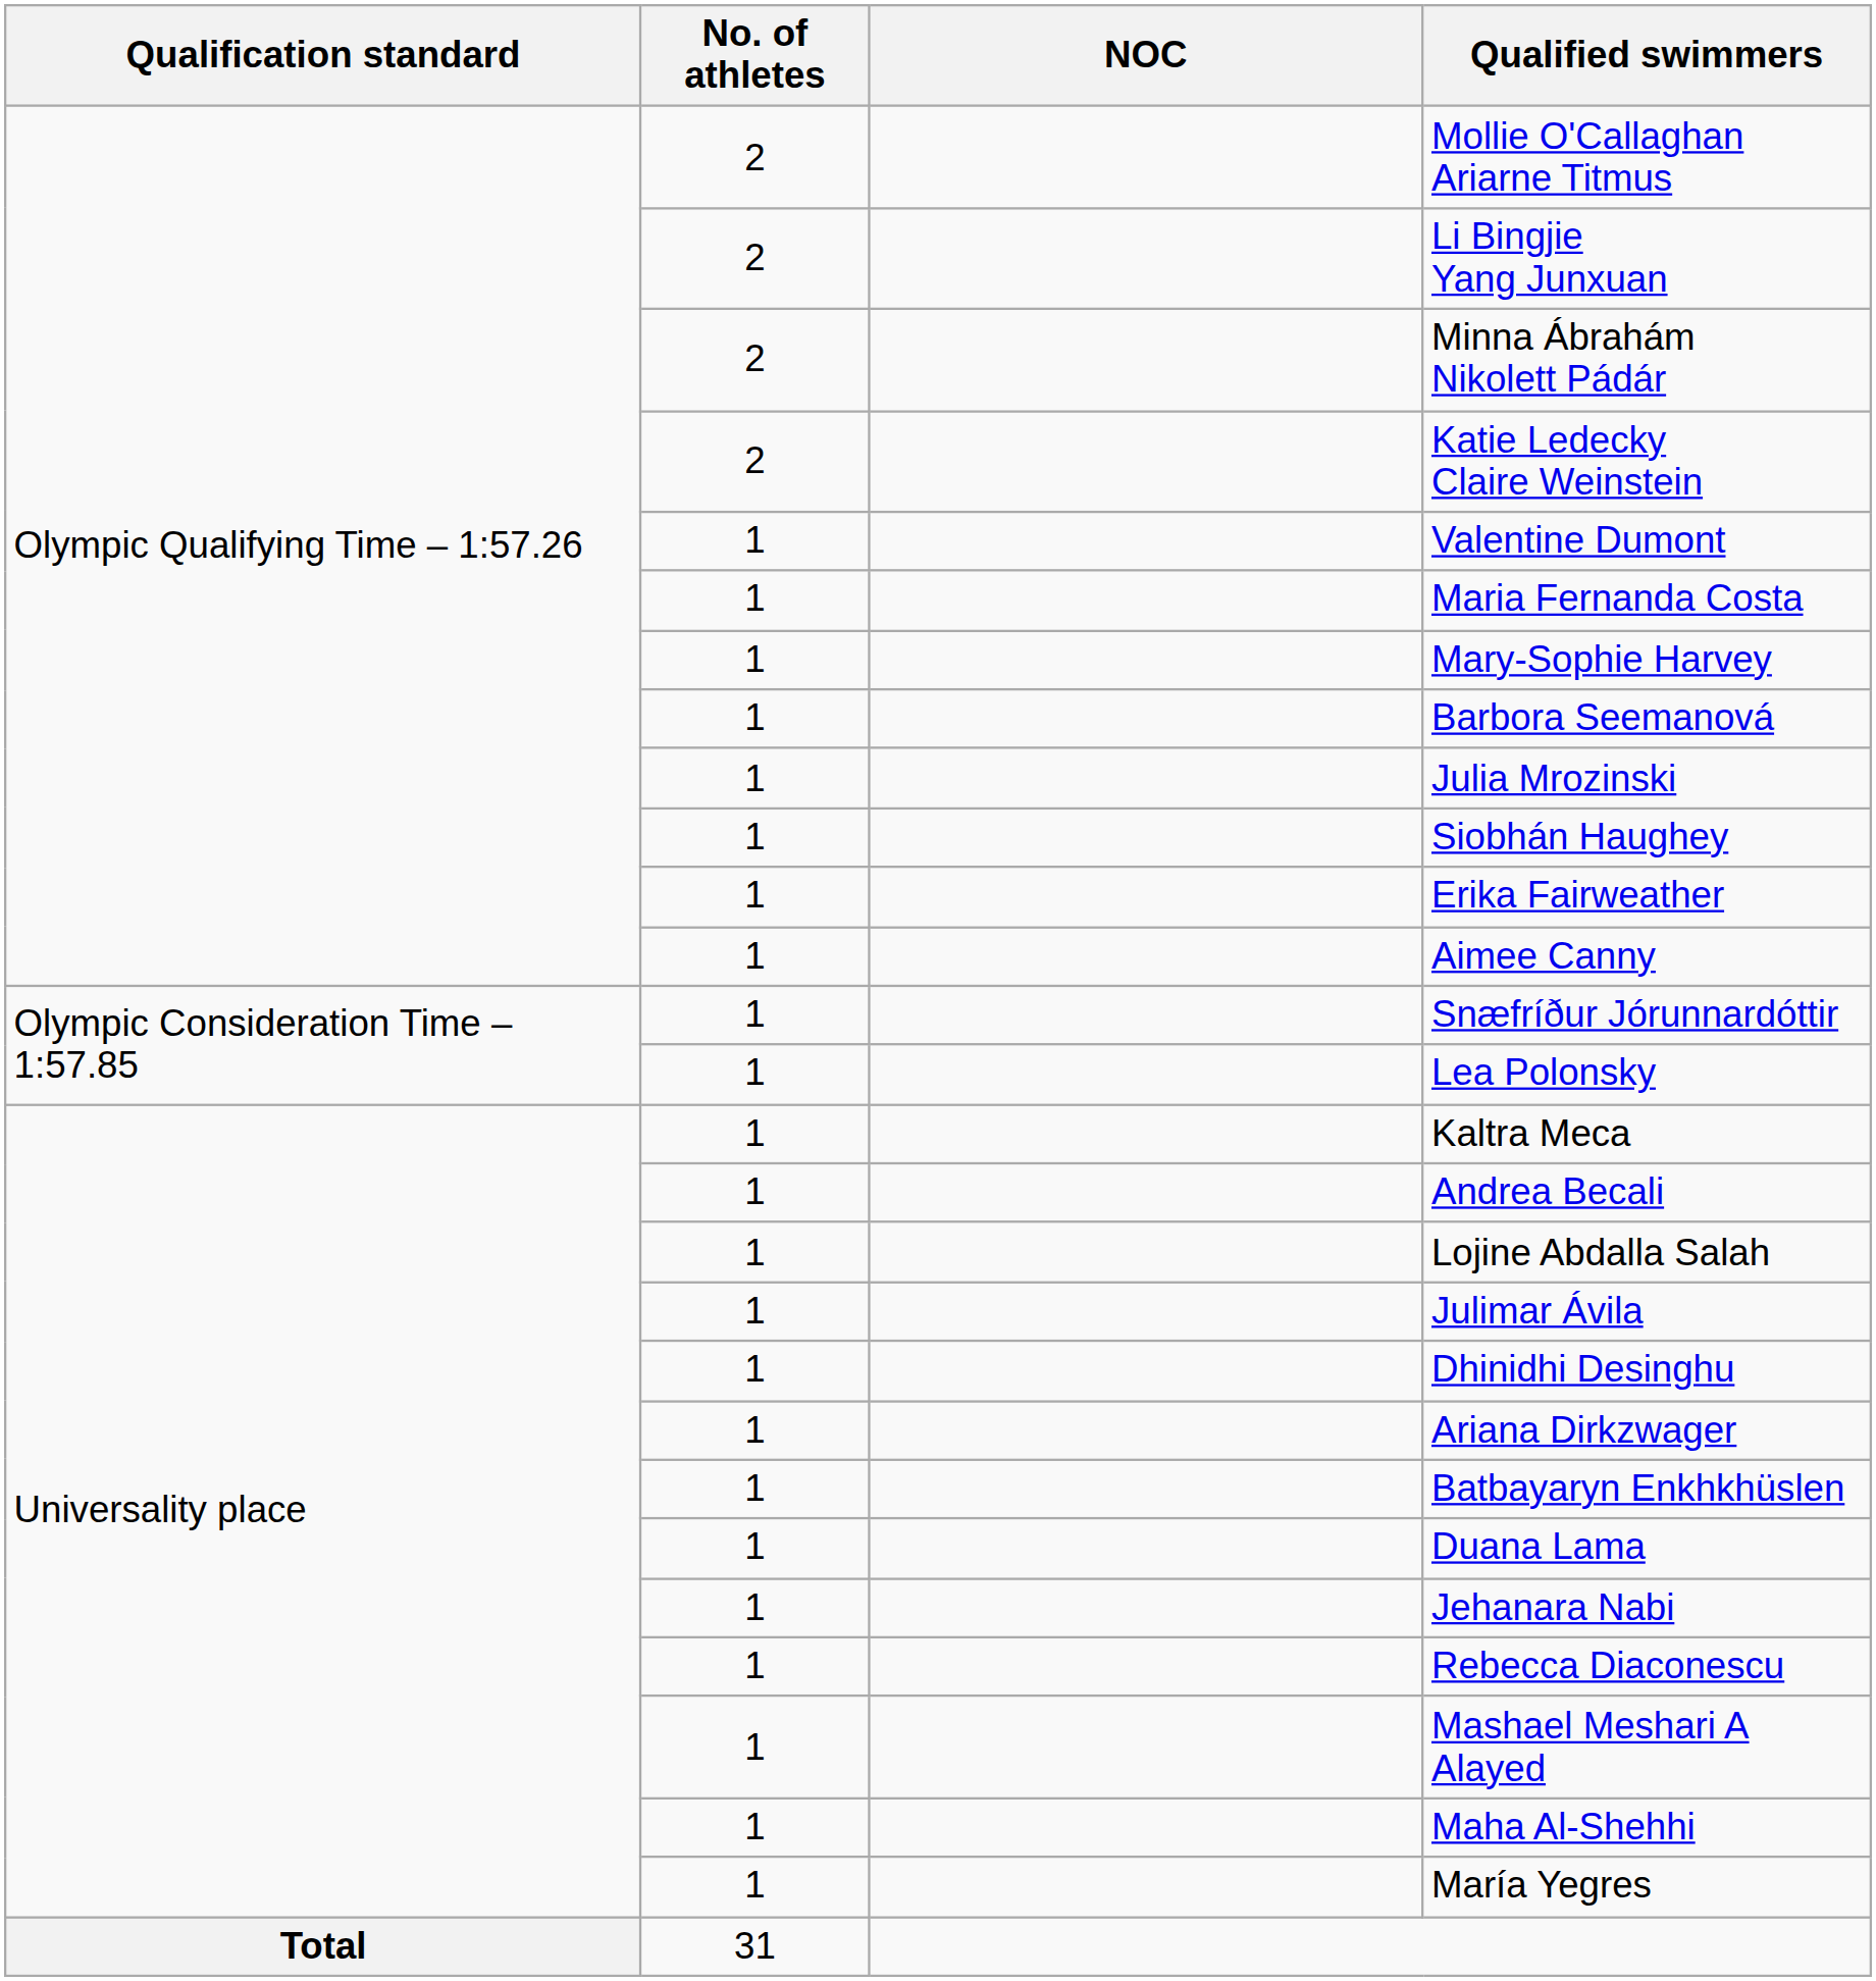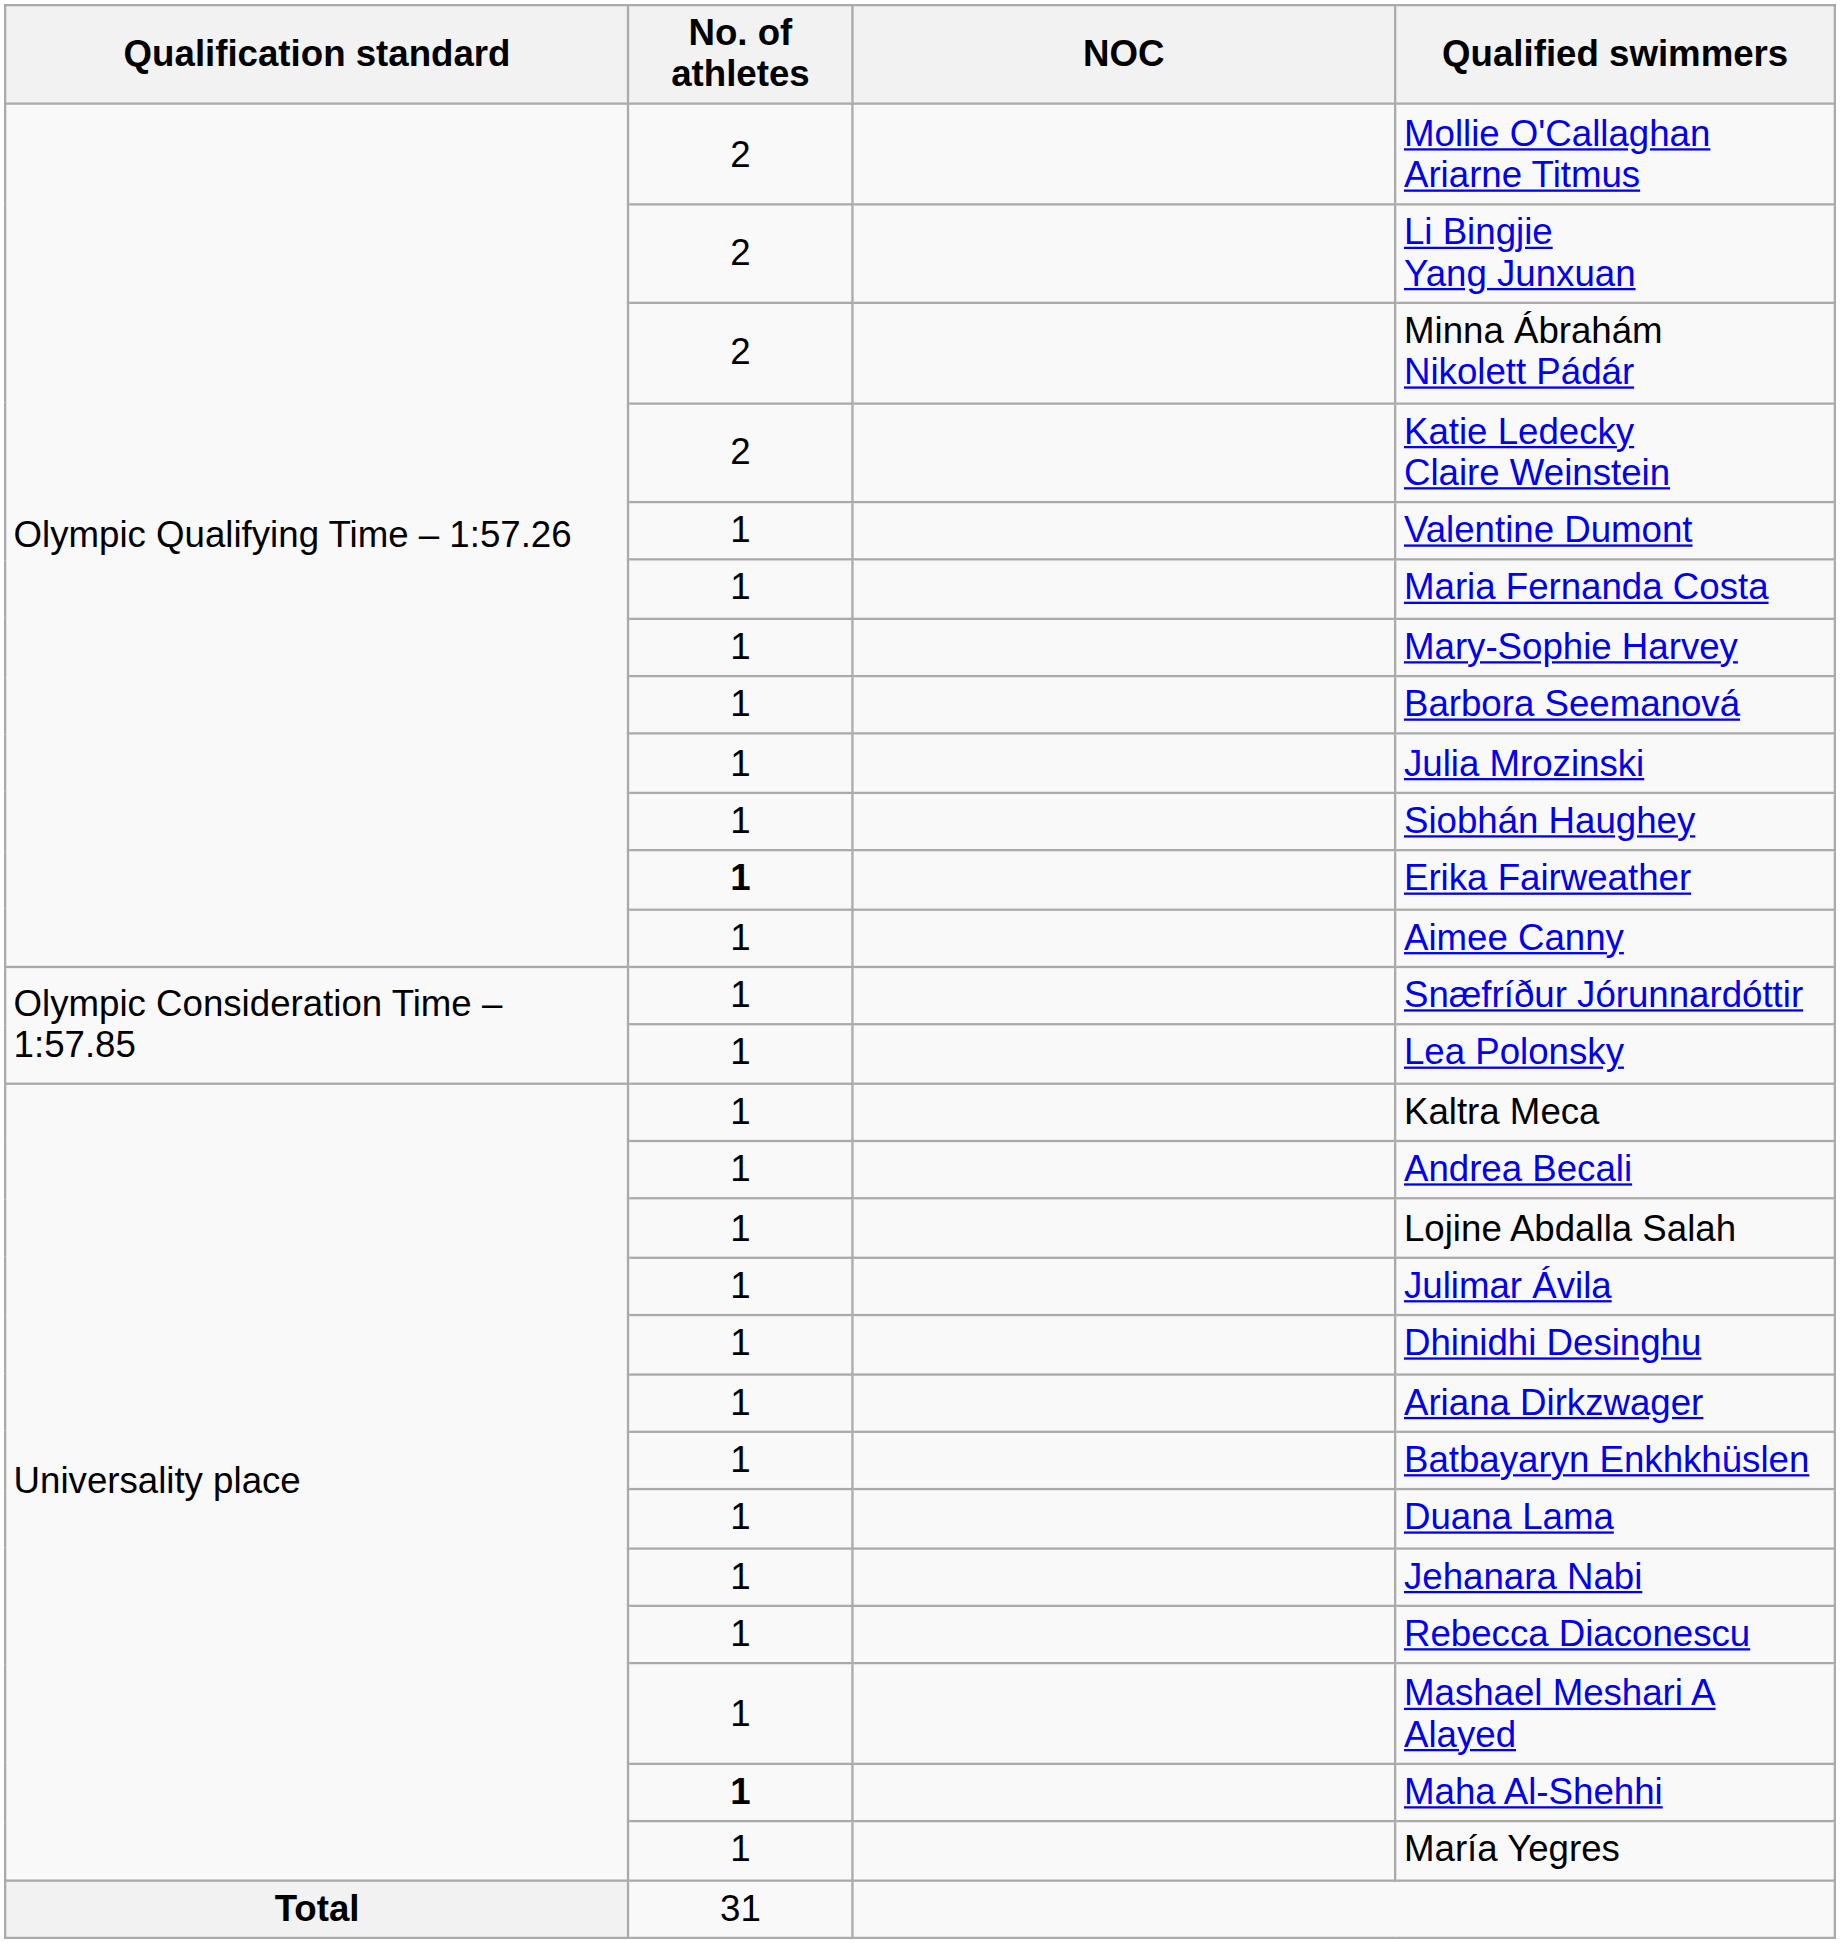 <table class=wikitable style="text-align:left" width=800>
 <tr>
 <th scope="col">Qualification standard</th>
 <th scope="col" width =90>No. of athletes</th>
 <th scope="col" width =230>NOC</th>
 <th scope="col">Qualified swimmers</th>
 </tr>
 <tr>
 <td rowspan=12>Olympic Qualifying Time – 1:57.26</td>
 <td align=center>2</td>
 <td></td>
 <td><a href='#'>Mollie O'Callaghan</a><br><a href='#'>Ariarne Titmus</a></td>
 </tr>
 <tr>
 <td align=center>2</td>
 <td></td>
 <td><a href='#'>Li Bingjie</a><br><a href='#'>Yang Junxuan</a></td>
 </tr>
 <tr>
 <td align=center>2</td>
 <td></td>
 <td>Minna Ábrahám<br><a href='#'>Nikolett Pádár</a></td>
 </tr>
 <tr>
 <td align=center>2</td>
 <td></td>
 <td><a href='#'>Katie Ledecky</a><br><a href='#'>Claire Weinstein</a></td>
 </tr>
 <tr>
 <td align=center>1</td>
 <td></td>
 <td><a href='#'>Valentine Dumont</a></td>
 </tr>
 <tr>
 <td align=center>1</td>
 <td></td>
 <td><a href='#'>Maria Fernanda Costa</a></td>
 </tr>
 <tr>
 <td align=center>1</td>
 <td></td>
 <td><a href='#'>Mary-Sophie Harvey</a></td>
 </tr>
 <tr>
 <td align=center>1</td>
 <td></td>
 <td><a href='#'>Barbora Seemanová</a></td>
 </tr>
 <tr>
 <td align=center>1</td>
 <td></td>
 <td><a href='#'>Julia Mrozinski</a></td>
 </tr>
 <tr>
 <td align=center>1</td>
 <td></td>
 <td><a href='#'>Siobhán Haughey</a></td>
 </tr>
 <tr>
-<td align=center>1</td>
+<td align=center><strong>1</strong></td>
 <td></td>
 <td><a href='#'>Erika Fairweather</a></td>
 </tr>
 <tr>
 <td align=center>1</td>
 <td></td>
 <td><a href='#'>Aimee Canny</a></td>
 </tr>
 <tr>
 <td rowspan=2>Olympic Consideration Time – 1:57.85</td>
 <td align=center>1</td>
 <td></td>
 <td><a href='#'>Snæfríður Jórunnardóttir</a></td>
 </tr>
 <tr>
 <td align=center>1</td>
 <td></td>
 <td><a href='#'>Lea Polonsky</a></td>
 </tr>
 <tr>
 <td rowspan=13>Universality place</td>
 <td align=center>1</td>
 <td></td>
 <td>Kaltra Meca</td>
 </tr>
 <tr>
 <td align=center>1</td>
 <td></td>
 <td><a href='#'>Andrea Becali</a></td>
 </tr>
 <tr>
 <td align=center>1</td>
 <td></td>
 <td>Lojine Abdalla Salah</td>
 </tr>
 <tr>
 <td align=center>1</td>
 <td></td>
 <td><a href='#'>Julimar Ávila</a></td>
 </tr>
 <tr>
 <td align=center>1</td>
 <td></td>
 <td><a href='#'>Dhinidhi Desinghu</a></td>
 </tr>
 <tr>
 <td align=center>1</td>
 <td></td>
 <td><a href='#'>Ariana Dirkzwager</a></td>
 </tr>
 <tr>
 <td align=center>1</td>
 <td></td>
 <td><a href='#'>Batbayaryn Enkhkhüslen</a></td>
 </tr>
 <tr>
 <td align=center>1</td>
 <td></td>
 <td><a href='#'>Duana Lama</a></td>
 </tr>
 <tr>
 <td align=center>1</td>
 <td></td>
 <td><a href='#'>Jehanara Nabi</a></td>
 </tr>
 <tr>
 <td align=center>1</td>
 <td></td>
 <td><a href='#'>Rebecca Diaconescu</a></td>
 </tr>
 <tr>
 <td align=center>1</td>
 <td></td>
 <td><a href='#'>Mashael Meshari A Alayed</a></td>
 </tr>
 <tr>
-<td align=center>1</td>
+<td align=center><strong>1</strong></td>
 <td></td>
 <td><a href='#'>Maha Al-Shehhi</a></td>
 </tr>
 <tr>
 <td align=center>1</td>
 <td></td>
 <td>María Yegres</td>
 </tr>
 <tr>
 <th scope="row">Total</th>
 <td align=center>31</td>
 <td colspan=2></td>
 </tr>
 </table>
